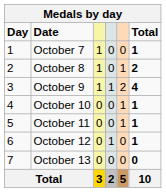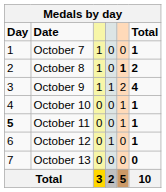 <table class=wikitable style="font-size:95%;">
 <tr>
 <th colspan=7><strong>Medals by day</strong></th>
 </tr>
 <tr>
 <td><strong>Day</strong></td>
 <td><strong>Date</strong></td>
 <td bgcolor=F7F6A8></td>
 <td bgcolor=DCE5E5></td>
 <td bgcolor=FFDAB9></td>
 <td><strong>Total</strong></td>
 </tr>
 <tr>
 <td>1</td>
 <td>October 7</td>
 <td bgcolor=F7F6A8>1</td>
 <td bgcolor=DCE5E5>0</td>
 <td bgcolor=FFDAB9>0</td>
 <td><strong>1</strong></td>
 </tr>
 <tr>
 <td>2</td>
 <td>October 8</td>
 <td bgcolor=F7F6A8>1</td>
 <td bgcolor=DCE5E5>0</td>
-<td bgcolor=FFDAB9>1</td>
+<td bgcolor=FFDAB9><strong>1</strong></td>
 <td><strong>2</strong></td>
 </tr>
 <tr>
 <td>3</td>
 <td>October 9</td>
 <td bgcolor=F7F6A8>1</td>
 <td bgcolor=DCE5E5>1</td>
 <td bgcolor=FFDAB9>2</td>
 <td><strong>4</strong></td>
 </tr>
 <tr>
 <td>4</td>
 <td>October 10</td>
 <td bgcolor=F7F6A8>0</td>
 <td bgcolor=DCE5E5>0</td>
 <td bgcolor=FFDAB9>1</td>
 <td><strong>1</strong></td>
 </tr>
 <tr>
-<td>5</td>
+<td><strong>5</strong></td>
 <td>October 11</td>
 <td bgcolor=F7F6A8>0</td>
 <td bgcolor=DCE5E5>0</td>
 <td bgcolor=FFDAB9>1</td>
 <td><strong>1</strong></td>
 </tr>
 <tr>
 <td>6</td>
 <td>October 12</td>
 <td bgcolor=F7F6A8>0</td>
 <td bgcolor=DCE5E5>1</td>
 <td bgcolor=FFDAB9>0</td>
 <td><strong>1</strong></td>
 </tr>
 <tr>
 <td>7</td>
 <td>October 13</td>
 <td bgcolor=F7F6A8>0</td>
 <td bgcolor=DCE5E5>0</td>
 <td bgcolor=FFDAB9>0</td>
 <td><strong>0</strong></td>
 </tr>
 <tr>
 <th colspan=2>Total</th>
 <th style="background:gold;">3</th>
 <th style="background:silver;">2</th>
 <th style="background:#c96;">5</th>
 <th>10</th>
 </tr>
 </table>
